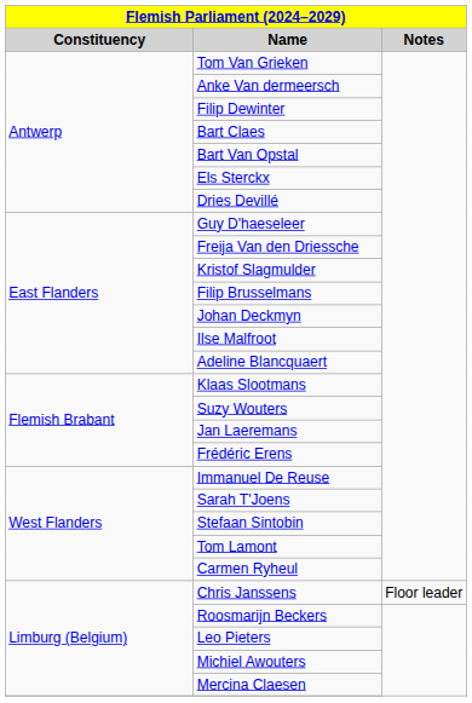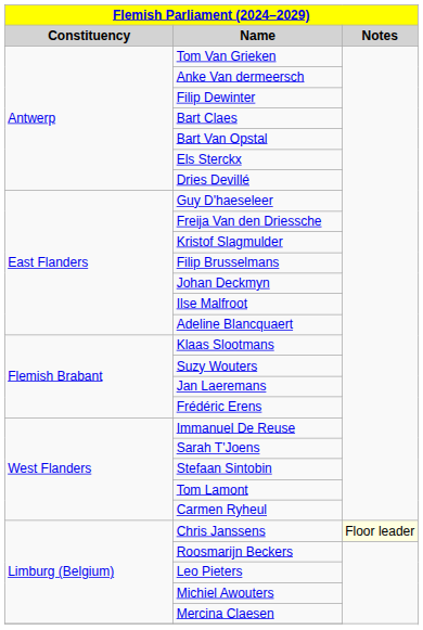 <table class="wikitable">
 <tr>
 <th style="background:yellow;" colspan="3"><a href='#'><span>Flemish Parliament (2024–2029)</span></a></th>
 </tr>
 <tr>
 <th scope="col" style="background:Lightgrey; width:200px;">Constituency</th>
 <th scope="col" style="background:Lightgrey; width:200px;">Name</th>
 <th style="background:LightGrey;">Notes</th>
 </tr>
 <tr>
 <td rowspan="7"><a href='#'>Antwerp</a></td>
 <td><a href='#'>Tom Van Grieken</a></td>
 </tr>
 <tr>
 <td><a href='#'>Anke Van dermeersch</a></td>
 </tr>
 <tr>
 <td><a href='#'>Filip Dewinter</a></td>
 </tr>
 <tr>
 <td><a href='#'>Bart Claes</a></td>
 </tr>
 <tr>
 <td><a href='#'>Bart Van Opstal</a></td>
 </tr>
 <tr>
 <td><a href='#'>Els Sterckx</a></td>
 </tr>
 <tr>
 <td><a href='#'>Dries Devillé</a></td>
 </tr>
 <tr>
 <td rowspan="7"><a href='#'>East Flanders</a></td>
 <td><a href='#'>Guy D'haeseleer</a></td>
 </tr>
 <tr>
 <td><a href='#'>Freija Van den Driessche</a></td>
 </tr>
 <tr>
 <td><a href='#'>Kristof Slagmulder</a></td>
 </tr>
 <tr>
 <td><a href='#'>Filip Brusselmans</a></td>
 </tr>
 <tr>
 <td><a href='#'>Johan Deckmyn</a></td>
 </tr>
 <tr>
 <td><a href='#'>Ilse Malfroot</a></td>
 </tr>
 <tr>
 <td><a href='#'>Adeline Blancquaert</a></td>
 </tr>
 <tr>
 <td rowspan="4"><a href='#'>Flemish Brabant</a></td>
 <td><a href='#'>Klaas Slootmans</a></td>
 </tr>
 <tr>
 <td><a href='#'>Suzy Wouters</a></td>
 </tr>
 <tr>
 <td><a href='#'>Jan Laeremans</a></td>
 </tr>
 <tr>
 <td><a href='#'>Frédéric Erens</a></td>
 </tr>
 <tr>
 <td rowspan="5"><a href='#'>West Flanders</a></td>
 <td><a href='#'>Immanuel De Reuse</a></td>
 </tr>
 <tr>
 <td><a href='#'>Sarah T'Joens</a></td>
 </tr>
 <tr>
 <td><a href='#'>Stefaan Sintobin</a></td>
 </tr>
 <tr>
 <td><a href='#'> Tom Lamont</a></td>
 </tr>
 <tr>
 <td><a href='#'>Carmen Ryheul</a></td>
 </tr>
 <tr>
 <td rowspan="5"><a href='#'>Limburg (Belgium)</a></td>
 <td><a href='#'>Chris Janssens</a></td>
-<td>Floor leader</td>
+<td style="background: lightyellow;">Floor leader</td>
 </tr>
 <tr>
 <td><a href='#'>Roosmarijn Beckers</a></td>
 </tr>
 <tr>
 <td><a href='#'>Leo Pieters</a></td>
 </tr>
 <tr>
 <td><a href='#'>Michiel Awouters</a></td>
 </tr>
 <tr>
 <td><a href='#'>Mercina Claesen</a></td>
 </tr>
 <tr>
 </tr>
 </table>
